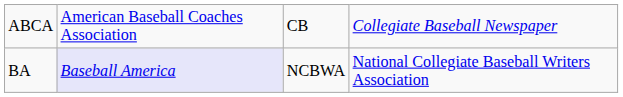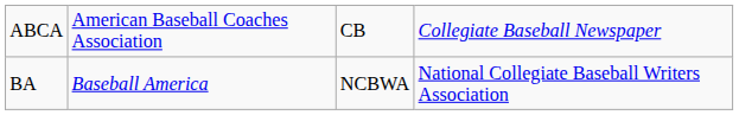 <table class="wikitable">
 <tr>
 <td>ABCA</td>
 <td><a href='#'>American Baseball Coaches Association</a></td>
 <td>CB</td>
 <td><em><a href='#'>Collegiate Baseball Newspaper</a></em></td>
 </tr>
 <tr>
 <td>BA</td>
-<td style="background: lavender;"><em><a href='#'>Baseball America</a></em></td>
+<td><em><a href='#'>Baseball America</a></em></td>
 <td>NCBWA</td>
 <td><a href='#'>National Collegiate Baseball Writers Association</a></td>
 </tr>
 </table>
